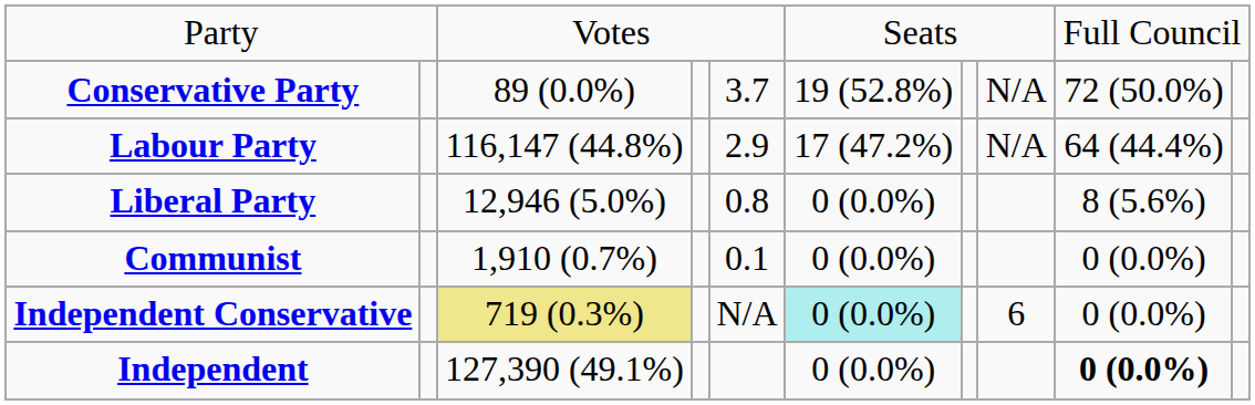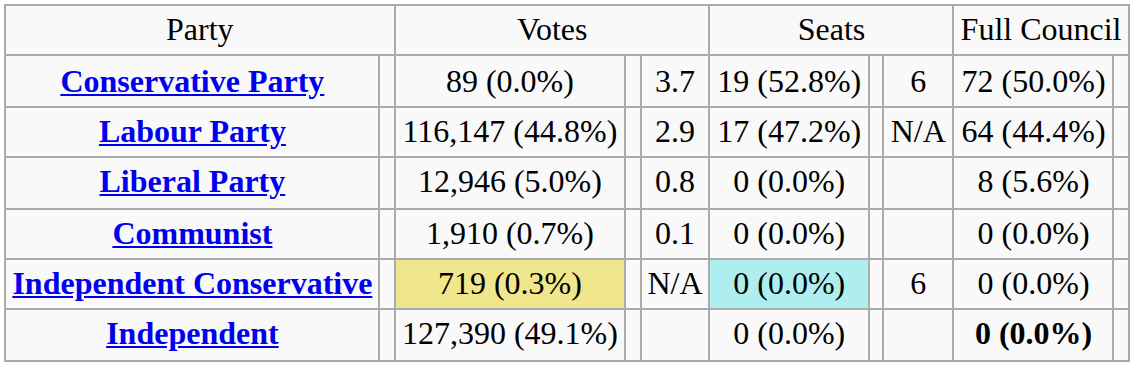 <table class=wikitable style="text-align:center;">
 <tr>
 <td colspan=2>Party</td>
 <td colspan=3>Votes</td>
 <td colspan=3>Seats</td>
 <td colspan=3>Full Council</td>
 </tr>
 <tr>
 <td><strong><a href='#'>Conservative Party</a></strong></td>
 <td style="background:"></td>
 <td>89 (0.0%)</td>
 <td></td>
 <td> 3.7</td>
 <td>19 (52.8%)</td>
 <td></td>
-<td>N/A</td>
+<td> 6</td>
 <td>72 (50.0%)</td>
 <td></td>
 </tr>
 <tr>
 <td><strong><a href='#'>Labour Party</a></strong></td>
 <td style="background:"></td>
 <td>116,147 (44.8%)</td>
 <td></td>
 <td> 2.9</td>
 <td>17 (47.2%)</td>
 <td></td>
 <td>N/A</td>
 <td>64 (44.4%)</td>
 <td></td>
 </tr>
 <tr>
 <td><strong><a href='#'>Liberal Party</a></strong></td>
 <td style="background:"></td>
 <td>12,946 (5.0%)</td>
 <td></td>
 <td> 0.8</td>
 <td>0 (0.0%)</td>
 <td></td>
 <td></td>
 <td>8 (5.6%)</td>
 <td></td>
 </tr>
 <tr>
 <td><strong><a href='#'>Communist</a></strong></td>
 <td style="background:"></td>
 <td>1,910 (0.7%)</td>
 <td></td>
 <td> 0.1</td>
 <td>0 (0.0%)</td>
 <td></td>
 <td></td>
 <td>0 (0.0%)</td>
 <td></td>
 </tr>
 <tr>
 <td><strong><a href='#'>Independent Conservative</a></strong></td>
 <td style="background:"></td>
 <td style="background: khaki;">719 (0.3%)</td>
 <td></td>
 <td>N/A</td>
 <td style="background: paleturquoise;">0 (0.0%)</td>
 <td></td>
 <td> 6</td>
 <td>0 (0.0%)</td>
 <td></td>
 </tr>
 <tr>
 <td><strong><a href='#'>Independent</a></strong></td>
 <td style="background:"></td>
 <td>127,390 (49.1%)</td>
 <td></td>
 <td></td>
 <td>0 (0.0%)</td>
 <td></td>
 <td></td>
 <td><strong>0 (0.0%)</strong></td>
 <td></td>
 </tr>
 </table>
